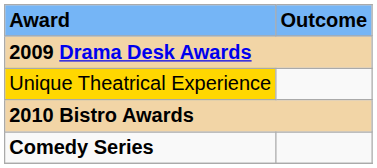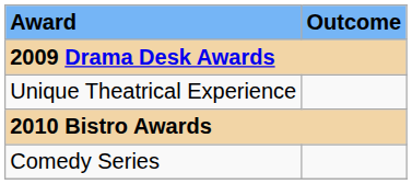 <table class="wikitable">
 <tr>
 <td bgcolor="#75B5F6"><strong>Award</strong></td>
 <td bgcolor="#75B5F6"><strong>Outcome</strong></td>
 </tr>
 <tr>
 <td colspan="3" bgcolor="#F2D5A6"><strong>2009 <a href='#'>Drama Desk Awards</a></strong></td>
 </tr>
 <tr>
-<td style="background: gold;">Unique Theatrical Experience</td>
+<td>Unique Theatrical Experience</td>
 <td></td>
 </tr>
 <tr>
 <td colspan="3" bgcolor="#F2D5A6"><strong>2010 Bistro Awards</strong></td>
 </tr>
 <tr>
-<td><strong>Comedy Series</strong></td>
+<td>Comedy Series</td>
 <td></td>
 </tr>
 <tr>
 </tr>
 </table>
